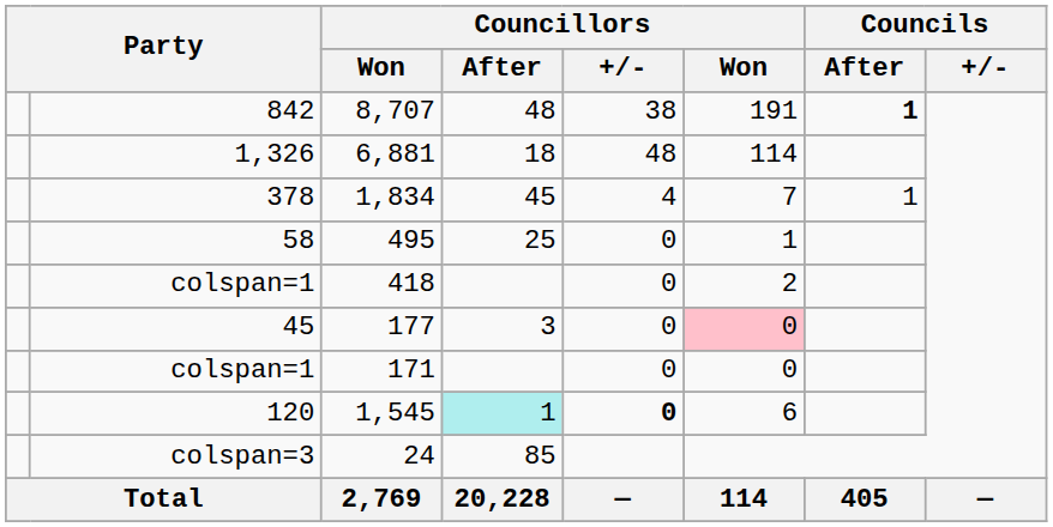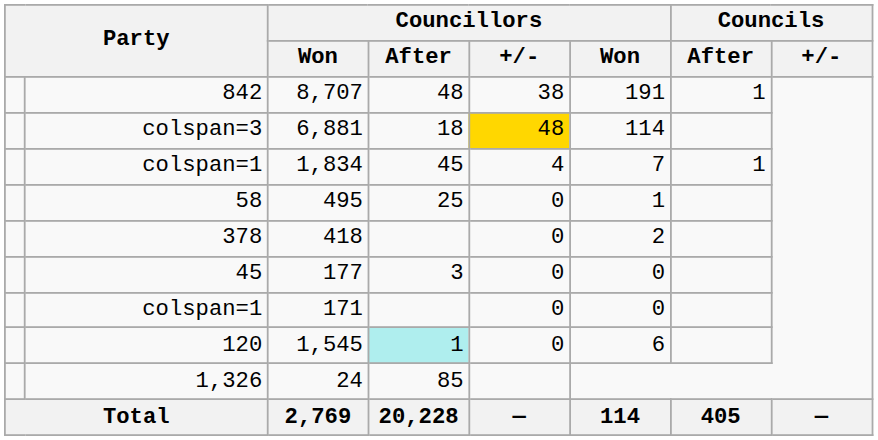 <table id="results" class="wikitable " style="text-align:right; font-size:95%;">
 <tr>
 <th colspan="2" rowspan="2" style="width:140px;">Party</th>
 <th colspan="4">Councillors</th>
 <th colspan="3">Councils</th>
 </tr>
 <tr>
 <th style="width:50px; ">Won</th>
 <th style="width:50px;">After</th>
 <th style="width:50px;">+/-</th>
 <th style="width:50px;">Won</th>
 <th style="width:50px;">After</th>
 <th style="width:50px;">+/-</th>
 </tr>
 <tr>
 <td></td>
 <td>842</td>
 <td>8,707</td>
 <td>48</td>
 <td>38</td>
 <td>191</td>
-<td><strong>1</strong></td>
+<td>1</td>
 </tr>
 <tr>
 <td></td>
-<td>1,326</td>
+<td>colspan=3 </td>
 <td>6,881</td>
 <td>18</td>
-<td>48</td>
+<td style="background: gold;">48</td>
 <td>114</td>
 <td></td>
 </tr>
 <tr>
 <td></td>
-<td>378</td>
+<td>colspan=1 </td>
 <td>1,834</td>
 <td>45</td>
 <td>4</td>
 <td>7</td>
 <td>1</td>
 </tr>
 <tr>
 <td></td>
 <td>58</td>
 <td>495</td>
 <td>25</td>
 <td>0</td>
 <td>1</td>
 <td></td>
 </tr>
 <tr>
 <td></td>
-<td>colspan=1 </td>
+<td>378</td>
 <td>418</td>
 <td></td>
 <td>0</td>
 <td>2</td>
 <td></td>
 </tr>
 <tr>
 <td></td>
 <td>45</td>
 <td>177</td>
 <td>3</td>
 <td>0</td>
-<td style="background: pink;">0</td>
+<td>0</td>
 <td></td>
 </tr>
 <tr>
 <td></td>
 <td>colspan=1 </td>
 <td>171</td>
 <td></td>
 <td>0</td>
 <td>0</td>
 <td></td>
 </tr>
 <tr>
 <td></td>
 <td>120</td>
 <td>1,545</td>
 <td style="background: paleturquoise;">1</td>
-<td><strong>0</strong></td>
+<td>0</td>
 <td>6</td>
 <td></td>
 </tr>
 <tr>
 <td></td>
-<td>colspan=3 </td>
+<td>1,326</td>
 <td>24</td>
 <td>85</td>
 <td></td>
 </tr>
 <tr>
 <th colspan="2" style="background:#f2f2f2 ">Total</th>
 <th style="background:#f2f2f2;"><strong>2,769</strong></th>
 <th style="background:#f2f2f2;"><strong>20,228</strong></th>
 <th style="background:#f2f2f2;"><strong>—</strong></th>
 <th style="background:#f2f2f2;"><strong>114</strong></th>
 <th style="background:#f2f2f2;"><strong>405</strong></th>
 <th style="background:#f2f2f2;"><strong>—</strong></th>
 </tr>
 </table>
